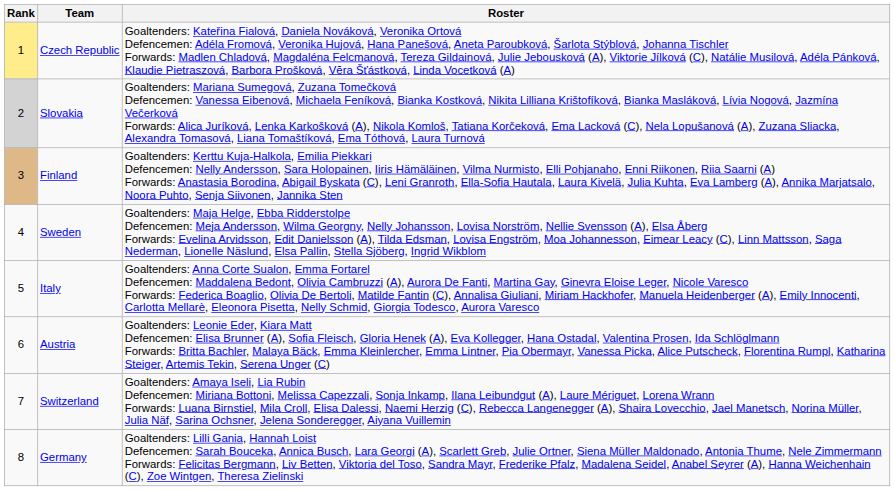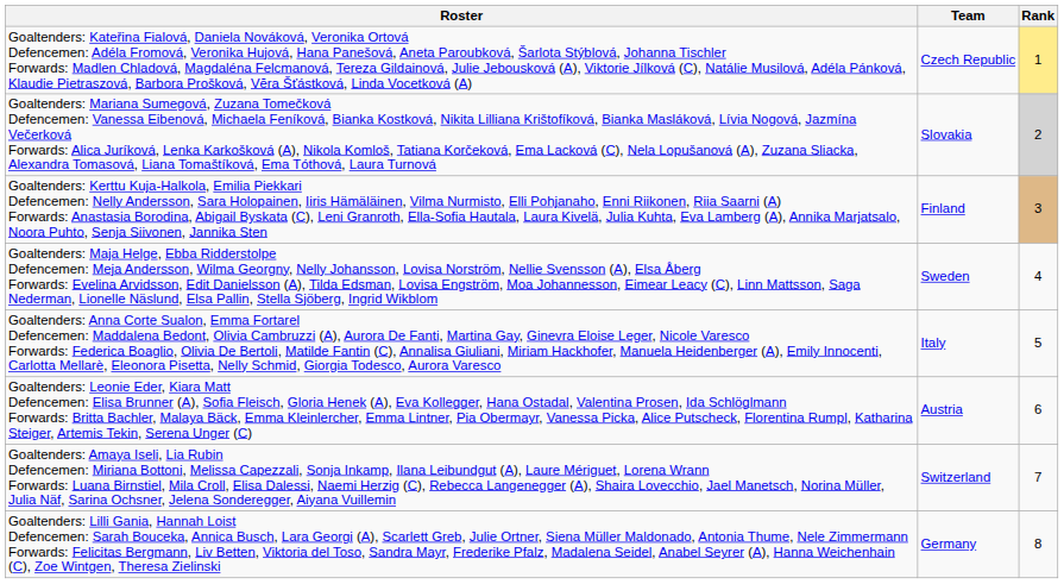 <table class="wikitable">
 <tr>
+<th>Roster</th>
+<th>Team</th>
 <th>Rank</th>
-<th>Team</th>
-<th>Roster</th>
 </tr>
 <tr>
+<td style="text-size:90%">Goaltenders: <a href='#'>Kateřina Fialová</a>, <a href='#'>Daniela Nováková</a>, <a href='#'>Veronika Ortová</a><br>Defencemen: <a href='#'>Adéla Fromová</a>, <a href='#'>Veronika Hujová</a>, <a href='#'>Hana Panešová</a>, <a href='#'>Aneta Paroubková</a>, <a href='#'>Šarlota Stýblová</a>, <a href='#'>Johanna Tischler</a><br>Forwards: <a href='#'>Madlen Chladová</a>, <a href='#'>Magdaléna Felcmanová</a>, <a href='#'>Tereza Gildainová</a>, <a href='#'>Julie Jebousková</a> (<a href='#'>A</a>), <a href='#'>Viktorie Jílková</a> (<a href='#'>C</a>), <a href='#'>Natálie Musilová</a>, <a href='#'>Adéla Pánková</a>, <a href='#'>Klaudie Pietraszová</a>, <a href='#'>Barbora Prošková</a>, <a href='#'>Vĕra Šťástková</a>, <a href='#'>Linda Vocetková</a> (<a href='#'>A</a>)<br></td>
+<td style="white-space:nowrap;"> <a href='#'>Czech Republic</a></td>
 <td bgcolor="#FFEC8B" align="center">1</td>
-<td style="white-space:nowrap;"> <a href='#'>Czech Republic</a></td>
-<td style="text-size:90%">Goaltenders: <a href='#'>Kateřina Fialová</a>, <a href='#'>Daniela Nováková</a>, <a href='#'>Veronika Ortová</a><br>Defencemen: <a href='#'>Adéla Fromová</a>, <a href='#'>Veronika Hujová</a>, <a href='#'>Hana Panešová</a>, <a href='#'>Aneta Paroubková</a>, <a href='#'>Šarlota Stýblová</a>, <a href='#'>Johanna Tischler</a><br>Forwards: <a href='#'>Madlen Chladová</a>, <a href='#'>Magdaléna Felcmanová</a>, <a href='#'>Tereza Gildainová</a>, <a href='#'>Julie Jebousková</a> (<a href='#'>A</a>), <a href='#'>Viktorie Jílková</a> (<a href='#'>C</a>), <a href='#'>Natálie Musilová</a>, <a href='#'>Adéla Pánková</a>, <a href='#'>Klaudie Pietraszová</a>, <a href='#'>Barbora Prošková</a>, <a href='#'>Vĕra Šťástková</a>, <a href='#'>Linda Vocetková</a> (<a href='#'>A</a>)<br></td>
 </tr>
 <tr>
+<td>Goaltenders: <a href='#'>Mariana Sumegová</a>, <a href='#'>Zuzana Tomečková</a><br>Defencemen: <a href='#'>Vanessa Eibenová</a>, <a href='#'>Michaela Feníková</a>, <a href='#'>Bianka Kostková</a>, <a href='#'>Nikita Lilliana Krištofíková</a>, <a href='#'>Bianka Masláková</a>, <a href='#'>Lívia Nogová</a>, <a href='#'>Jazmína Večerková</a><br>Forwards: <a href='#'>Alica Juríková</a>, <a href='#'>Lenka Karkošková</a> (<a href='#'>A</a>), <a href='#'>Nikola Komloš</a>, <a href='#'>Tatiana Korčeková</a>, <a href='#'>Ema Lacková</a> (<a href='#'>C</a>), <a href='#'>Nela Lopušanová</a> (<a href='#'>A</a>), <a href='#'>Zuzana Sliacka</a>, <a href='#'>Alexandra Tomasová</a>, <a href='#'>Liana Tomaštíková</a>, <a href='#'>Ema Tóthová</a>, <a href='#'>Laura Turnová</a><br></td>
+<td style="white-space:nowrap;"> <a href='#'>Slovakia</a></td>
 <td bgcolor="#D3D3D3" align="center">2</td>
-<td style="white-space:nowrap;"> <a href='#'>Slovakia</a></td>
-<td>Goaltenders: <a href='#'>Mariana Sumegová</a>, <a href='#'>Zuzana Tomečková</a><br>Defencemen: <a href='#'>Vanessa Eibenová</a>, <a href='#'>Michaela Feníková</a>, <a href='#'>Bianka Kostková</a>, <a href='#'>Nikita Lilliana Krištofíková</a>, <a href='#'>Bianka Masláková</a>, <a href='#'>Lívia Nogová</a>, <a href='#'>Jazmína Večerková</a><br>Forwards: <a href='#'>Alica Juríková</a>, <a href='#'>Lenka Karkošková</a> (<a href='#'>A</a>), <a href='#'>Nikola Komloš</a>, <a href='#'>Tatiana Korčeková</a>, <a href='#'>Ema Lacková</a> (<a href='#'>C</a>), <a href='#'>Nela Lopušanová</a> (<a href='#'>A</a>), <a href='#'>Zuzana Sliacka</a>, <a href='#'>Alexandra Tomasová</a>, <a href='#'>Liana Tomaštíková</a>, <a href='#'>Ema Tóthová</a>, <a href='#'>Laura Turnová</a><br></td>
 </tr>
 <tr>
+<td>Goaltenders: <a href='#'>Kerttu Kuja-Halkola</a>, <a href='#'>Emilia Piekkari</a><br>Defencemen: <a href='#'>Nelly Andersson</a>, <a href='#'>Sara Holopainen</a>, <a href='#'>Iiris Hämäläinen</a>, <a href='#'>Vilma Nurmisto</a>, <a href='#'>Elli Pohjanaho</a>, <a href='#'>Enni Riikonen</a>, <a href='#'>Riia Saarni</a> (<a href='#'>A</a>)<br>Forwards: <a href='#'>Anastasia Borodina</a>, <a href='#'>Abigail Byskata</a> (<a href='#'>C</a>), <a href='#'>Leni Granroth</a>, <a href='#'>Ella-Sofia Hautala</a>, <a href='#'>Laura Kivelä</a>, <a href='#'>Julia Kuhta</a>, <a href='#'>Eva Lamberg</a> (<a href='#'>A</a>), <a href='#'>Annika Marjatsalo</a>, <a href='#'>Noora Puhto</a>, <a href='#'>Senja Siivonen</a>, <a href='#'>Jannika Sten</a><br></td>
+<td style="white-space:nowrap;"> <a href='#'>Finland</a></td>
 <td bgcolor="#DEB887" align="center">3</td>
-<td style="white-space:nowrap;"> <a href='#'>Finland</a></td>
-<td>Goaltenders: <a href='#'>Kerttu Kuja-Halkola</a>, <a href='#'>Emilia Piekkari</a><br>Defencemen: <a href='#'>Nelly Andersson</a>, <a href='#'>Sara Holopainen</a>, <a href='#'>Iiris Hämäläinen</a>, <a href='#'>Vilma Nurmisto</a>, <a href='#'>Elli Pohjanaho</a>, <a href='#'>Enni Riikonen</a>, <a href='#'>Riia Saarni</a> (<a href='#'>A</a>)<br>Forwards: <a href='#'>Anastasia Borodina</a>, <a href='#'>Abigail Byskata</a> (<a href='#'>C</a>), <a href='#'>Leni Granroth</a>, <a href='#'>Ella-Sofia Hautala</a>, <a href='#'>Laura Kivelä</a>, <a href='#'>Julia Kuhta</a>, <a href='#'>Eva Lamberg</a> (<a href='#'>A</a>), <a href='#'>Annika Marjatsalo</a>, <a href='#'>Noora Puhto</a>, <a href='#'>Senja Siivonen</a>, <a href='#'>Jannika Sten</a><br></td>
 </tr>
 <tr>
+<td>Goaltenders: <a href='#'>Maja Helge</a>, <a href='#'>Ebba Ridderstolpe</a><br>Defencemen: <a href='#'>Meja Andersson</a>, <a href='#'>Wilma Georgny</a>, <a href='#'>Nelly Johansson</a>, <a href='#'>Lovisa Norström</a>, <a href='#'>Nellie Svensson</a> (<a href='#'>A</a>), <a href='#'>Elsa Åberg</a><br>Forwards: <a href='#'>Evelina Arvidsson</a>, <a href='#'>Edit Danielsson</a> (<a href='#'>A</a>), <a href='#'>Tilda Edsman</a>, <a href='#'>Lovisa Engström</a>, <a href='#'>Moa Johannesson</a>, <a href='#'>Eimear Leacy</a> (<a href='#'>C</a>), <a href='#'>Linn Mattsson</a>, <a href='#'>Saga Nederman</a>, <a href='#'>Lionelle Näslund</a>, <a href='#'>Elsa Pallin</a>, <a href='#'>Stella Sjöberg</a>, <a href='#'>Ingrid Wikblom</a><br></td>
+<td style="white-space:nowrap;"> <a href='#'>Sweden</a></td>
 <td align="center">4</td>
-<td style="white-space:nowrap;"> <a href='#'>Sweden</a></td>
-<td>Goaltenders: <a href='#'>Maja Helge</a>, <a href='#'>Ebba Ridderstolpe</a><br>Defencemen: <a href='#'>Meja Andersson</a>, <a href='#'>Wilma Georgny</a>, <a href='#'>Nelly Johansson</a>, <a href='#'>Lovisa Norström</a>, <a href='#'>Nellie Svensson</a> (<a href='#'>A</a>), <a href='#'>Elsa Åberg</a><br>Forwards: <a href='#'>Evelina Arvidsson</a>, <a href='#'>Edit Danielsson</a> (<a href='#'>A</a>), <a href='#'>Tilda Edsman</a>, <a href='#'>Lovisa Engström</a>, <a href='#'>Moa Johannesson</a>, <a href='#'>Eimear Leacy</a> (<a href='#'>C</a>), <a href='#'>Linn Mattsson</a>, <a href='#'>Saga Nederman</a>, <a href='#'>Lionelle Näslund</a>, <a href='#'>Elsa Pallin</a>, <a href='#'>Stella Sjöberg</a>, <a href='#'>Ingrid Wikblom</a><br></td>
 </tr>
 <tr>
+<td>Goaltenders: <a href='#'>Anna Corte Sualon</a>, <a href='#'>Emma Fortarel</a><br>Defencemen: <a href='#'>Maddalena Bedont</a>, <a href='#'>Olivia Cambruzzi</a> (<a href='#'>A</a>), <a href='#'>Aurora De Fanti</a>, <a href='#'>Martina Gay</a>, <a href='#'>Ginevra Eloise Leger</a>, <a href='#'>Nicole Varesco</a><br>Forwards: <a href='#'>Federica Boaglio</a>, <a href='#'>Olivia De Bertoli</a>, <a href='#'>Matilde Fantin</a> (<a href='#'>C</a>), <a href='#'>Annalisa Giuliani</a>, <a href='#'>Miriam Hackhofer</a>, <a href='#'>Manuela Heidenberger</a> (<a href='#'>A</a>), <a href='#'>Emily Innocenti</a>, <a href='#'>Carlotta Mellarè</a>, <a href='#'>Eleonora Pisetta</a>, <a href='#'>Nelly Schmid</a>, <a href='#'>Giorgia Todesco</a>, <a href='#'>Aurora Varesco</a><br></td>
+<td style="white-space:nowrap;"> <a href='#'>Italy</a></td>
 <td align="center">5</td>
-<td style="white-space:nowrap;"> <a href='#'>Italy</a></td>
-<td>Goaltenders: <a href='#'>Anna Corte Sualon</a>, <a href='#'>Emma Fortarel</a><br>Defencemen: <a href='#'>Maddalena Bedont</a>, <a href='#'>Olivia Cambruzzi</a> (<a href='#'>A</a>), <a href='#'>Aurora De Fanti</a>, <a href='#'>Martina Gay</a>, <a href='#'>Ginevra Eloise Leger</a>, <a href='#'>Nicole Varesco</a><br>Forwards: <a href='#'>Federica Boaglio</a>, <a href='#'>Olivia De Bertoli</a>, <a href='#'>Matilde Fantin</a> (<a href='#'>C</a>), <a href='#'>Annalisa Giuliani</a>, <a href='#'>Miriam Hackhofer</a>, <a href='#'>Manuela Heidenberger</a> (<a href='#'>A</a>), <a href='#'>Emily Innocenti</a>, <a href='#'>Carlotta Mellarè</a>, <a href='#'>Eleonora Pisetta</a>, <a href='#'>Nelly Schmid</a>, <a href='#'>Giorgia Todesco</a>, <a href='#'>Aurora Varesco</a><br></td>
 </tr>
 <tr>
+<td>Goaltenders: <a href='#'>Leonie Eder</a>, <a href='#'>Kiara Matt</a><br>Defencemen: <a href='#'>Elisa Brunner</a> (<a href='#'>A</a>), <a href='#'>Sofia Fleisch</a>, <a href='#'>Gloria Henek</a> (<a href='#'>A</a>), <a href='#'>Eva Kollegger</a>, <a href='#'>Hana Ostadal</a>, <a href='#'>Valentina Prosen</a>, <a href='#'>Ida Schlöglmann</a> <br>Forwards: <a href='#'>Britta Bachler</a>, <a href='#'>Malaya Bäck</a>, <a href='#'>Emma Kleinlercher</a>, <a href='#'>Emma Lintner</a>, <a href='#'>Pia Obermayr</a>, <a href='#'>Vanessa Picka</a>, <a href='#'>Alice Putscheck</a>, <a href='#'>Florentina Rumpl</a>, <a href='#'>Katharina Steiger</a>, <a href='#'>Artemis Tekin</a>, <a href='#'>Serena Unger</a> (<a href='#'>C</a>)<br></td>
+<td style="white-space:nowrap;"> <a href='#'>Austria</a></td>
 <td align="center">6</td>
-<td style="white-space:nowrap;"> <a href='#'>Austria</a></td>
-<td>Goaltenders: <a href='#'>Leonie Eder</a>, <a href='#'>Kiara Matt</a><br>Defencemen: <a href='#'>Elisa Brunner</a> (<a href='#'>A</a>), <a href='#'>Sofia Fleisch</a>, <a href='#'>Gloria Henek</a> (<a href='#'>A</a>), <a href='#'>Eva Kollegger</a>, <a href='#'>Hana Ostadal</a>, <a href='#'>Valentina Prosen</a>, <a href='#'>Ida Schlöglmann</a> <br>Forwards: <a href='#'>Britta Bachler</a>, <a href='#'>Malaya Bäck</a>, <a href='#'>Emma Kleinlercher</a>, <a href='#'>Emma Lintner</a>, <a href='#'>Pia Obermayr</a>, <a href='#'>Vanessa Picka</a>, <a href='#'>Alice Putscheck</a>, <a href='#'>Florentina Rumpl</a>, <a href='#'>Katharina Steiger</a>, <a href='#'>Artemis Tekin</a>, <a href='#'>Serena Unger</a> (<a href='#'>C</a>)<br></td>
 </tr>
 <tr>
+<td>Goaltenders: <a href='#'>Amaya Iseli</a>, <a href='#'>Lia Rubin</a><br>Defencemen: <a href='#'>Miriana Bottoni</a>, <a href='#'>Melissa Capezzali</a>, <a href='#'>Sonja Inkamp</a>, <a href='#'>Ilana Leibundgut</a> (<a href='#'>A</a>), <a href='#'>Laure Mériguet</a>, <a href='#'>Lorena Wrann</a><br>Forwards: <a href='#'>Luana Birnstiel</a>, <a href='#'>Mila Croll</a>, <a href='#'>Elisa Dalessi</a>, <a href='#'>Naemi Herzig</a> (<a href='#'>C</a>), <a href='#'>Rebecca Langenegger</a> (<a href='#'>A</a>), <a href='#'>Shaira Lovecchio</a>, <a href='#'>Jael Manetsch</a>, <a href='#'>Norina Müller</a>, <a href='#'>Julia Näf</a>, <a href='#'>Sarina Ochsner</a>, <a href='#'>Jelena Sonderegger</a>, <a href='#'>Aiyana Vuillemin</a><br></td>
+<td style="white-space:nowrap;"> <a href='#'>Switzerland</a></td>
 <td align="center">7</td>
-<td style="white-space:nowrap;"> <a href='#'>Switzerland</a></td>
-<td>Goaltenders: <a href='#'>Amaya Iseli</a>, <a href='#'>Lia Rubin</a><br>Defencemen: <a href='#'>Miriana Bottoni</a>, <a href='#'>Melissa Capezzali</a>, <a href='#'>Sonja Inkamp</a>, <a href='#'>Ilana Leibundgut</a> (<a href='#'>A</a>), <a href='#'>Laure Mériguet</a>, <a href='#'>Lorena Wrann</a><br>Forwards: <a href='#'>Luana Birnstiel</a>, <a href='#'>Mila Croll</a>, <a href='#'>Elisa Dalessi</a>, <a href='#'>Naemi Herzig</a> (<a href='#'>C</a>), <a href='#'>Rebecca Langenegger</a> (<a href='#'>A</a>), <a href='#'>Shaira Lovecchio</a>, <a href='#'>Jael Manetsch</a>, <a href='#'>Norina Müller</a>, <a href='#'>Julia Näf</a>, <a href='#'>Sarina Ochsner</a>, <a href='#'>Jelena Sonderegger</a>, <a href='#'>Aiyana Vuillemin</a><br></td>
 </tr>
 <tr>
+<td>Goaltenders: <a href='#'>Lilli Gania</a>, <a href='#'>Hannah Loist</a><br>Defencemen: <a href='#'>Sarah Bouceka</a>, <a href='#'>Annica Busch</a>, <a href='#'>Lara Georgi</a> (<a href='#'>A</a>), <a href='#'>Scarlett Greb</a>, <a href='#'>Julie Ortner</a>, <a href='#'>Siena Müller Maldonado</a>, <a href='#'>Antonia Thume</a>, <a href='#'>Nele Zimmermann</a><br>Forwards: <a href='#'>Felicitas Bergmann</a>, <a href='#'>Liv Betten</a>, <a href='#'>Viktoria del Toso</a>, <a href='#'>Sandra Mayr</a>, <a href='#'>Frederike Pfalz</a>, <a href='#'>Madalena Seidel</a>, <a href='#'>Anabel Seyrer</a> (<a href='#'>A</a>), <a href='#'>Hanna Weichenhain</a> (<a href='#'>C</a>), <a href='#'>Zoe Wintgen</a>, <a href='#'>Theresa Zielinski</a><br></td>
+<td style="white-space:nowrap;"> <a href='#'>Germany</a></td>
 <td align="center">8</td>
-<td style="white-space:nowrap;"> <a href='#'>Germany</a></td>
-<td>Goaltenders: <a href='#'>Lilli Gania</a>, <a href='#'>Hannah Loist</a><br>Defencemen: <a href='#'>Sarah Bouceka</a>, <a href='#'>Annica Busch</a>, <a href='#'>Lara Georgi</a> (<a href='#'>A</a>), <a href='#'>Scarlett Greb</a>, <a href='#'>Julie Ortner</a>, <a href='#'>Siena Müller Maldonado</a>, <a href='#'>Antonia Thume</a>, <a href='#'>Nele Zimmermann</a><br>Forwards: <a href='#'>Felicitas Bergmann</a>, <a href='#'>Liv Betten</a>, <a href='#'>Viktoria del Toso</a>, <a href='#'>Sandra Mayr</a>, <a href='#'>Frederike Pfalz</a>, <a href='#'>Madalena Seidel</a>, <a href='#'>Anabel Seyrer</a> (<a href='#'>A</a>), <a href='#'>Hanna Weichenhain</a> (<a href='#'>C</a>), <a href='#'>Zoe Wintgen</a>, <a href='#'>Theresa Zielinski</a><br></td>
 </tr>
 </table>
